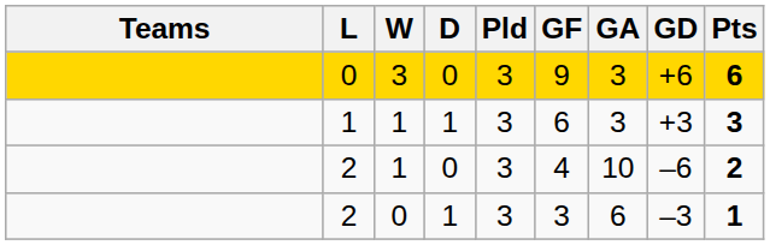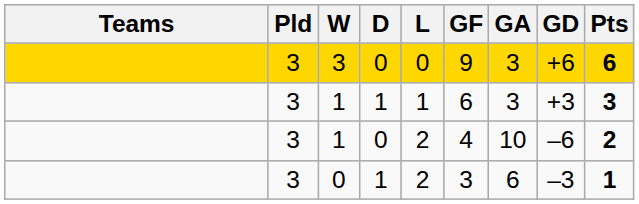 <table class="wikitable" style="text-align: center;">
 <tr>
 <th width=165>Teams</th>
-<th width=20>L</th>
+<th width=20>Pld</th>
 <th width=20>W</th>
 <th width=20>D</th>
-<th width=20>Pld</th>
+<th width=20>L</th>
 <th width=20>GF</th>
 <th width=20>GA</th>
 <th width=20>GD</th>
 <th width=20>Pts</th>
 </tr>
 <tr align=center style="background:gold">
 <td style="text-align:left;"></td>
-<td>0</td>
+<td>3</td>
 <td>3</td>
 <td>0</td>
-<td>3</td>
+<td>0</td>
 <td>9</td>
 <td>3</td>
 <td>+6</td>
 <td><strong>6</strong></td>
 </tr>
 <tr align=center>
 <td style="text-align:left;"></td>
+<td>3</td>
 <td>1</td>
 <td>1</td>
 <td>1</td>
-<td>3</td>
 <td>6</td>
 <td>3</td>
 <td>+3</td>
 <td><strong>3</strong></td>
 </tr>
 <tr align=center>
 <td style="text-align:left;"></td>
-<td>2</td>
+<td>3</td>
 <td>1</td>
 <td>0</td>
-<td>3</td>
+<td>2</td>
 <td>4</td>
 <td>10</td>
 <td>–6</td>
 <td><strong>2</strong></td>
 </tr>
 <tr align=center>
 <td style="text-align:left;"></td>
-<td>2</td>
+<td>3</td>
 <td>0</td>
 <td>1</td>
-<td>3</td>
+<td>2</td>
 <td>3</td>
 <td>6</td>
 <td>–3</td>
 <td><strong>1</strong></td>
 </tr>
 </table>
